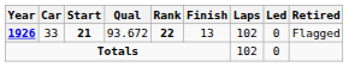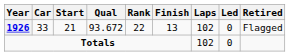 <table class="wikitable" style="text-align:center">
 <tr>
 <th>Year</th>
 <th>Car</th>
 <th>Start</th>
 <th>Qual</th>
 <th>Rank</th>
 <th>Finish</th>
 <th>Laps</th>
 <th>Led</th>
 <th>Retired</th>
 </tr>
 <tr>
 <th><a href='#'>1926</a></th>
 <td>33</td>
-<td><strong>21</strong></td>
+<td>21</td>
 <td>93.672</td>
-<td><strong>22</strong></td>
+<td>22</td>
 <td>13</td>
 <td>102</td>
 <td>0</td>
 <td>Flagged</td>
 </tr>
 <tr>
 <td colspan=6><strong>Totals</strong></td>
 <td>102</td>
 <td>0</td>
 <td></td>
 </tr>
 </table>
